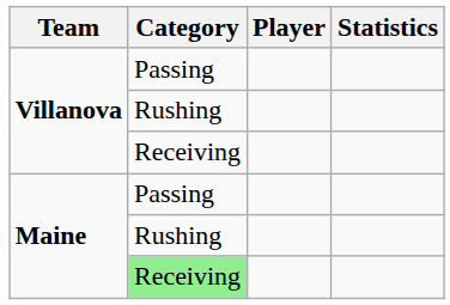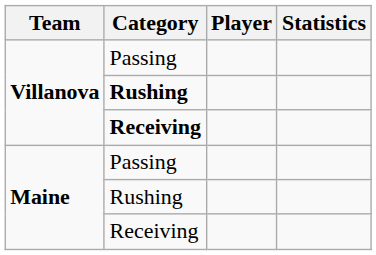 <table class="wikitable" style="float: right;">
 <tr>
 <th>Team</th>
 <th>Category</th>
 <th>Player</th>
 <th>Statistics</th>
 </tr>
 <tr>
 <td rowspan=3><strong>Villanova</strong></td>
 <td>Passing</td>
 <td></td>
 <td></td>
 </tr>
 <tr>
-<td>Rushing</td>
+<td><strong>Rushing</strong></td>
 <td></td>
 <td></td>
 </tr>
 <tr>
-<td>Receiving</td>
+<td><strong>Receiving</strong></td>
 <td></td>
 <td></td>
 </tr>
 <tr>
 <td rowspan=3><strong>Maine</strong></td>
 <td>Passing</td>
 <td></td>
 <td></td>
 </tr>
 <tr>
 <td>Rushing</td>
 <td></td>
 <td></td>
 </tr>
 <tr>
-<td style="background: lightgreen;">Receiving</td>
+<td>Receiving</td>
 <td></td>
 <td></td>
 </tr>
 </table>
